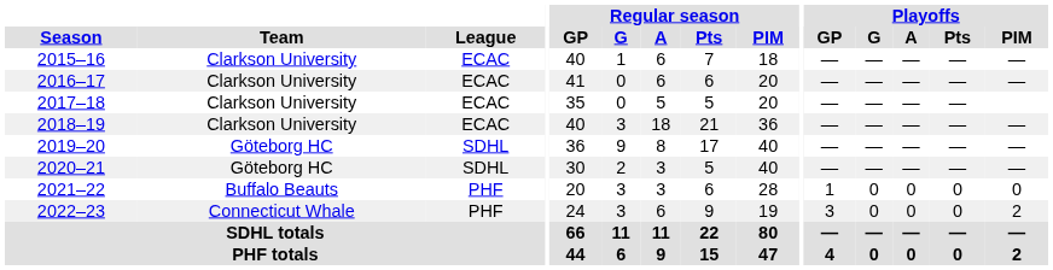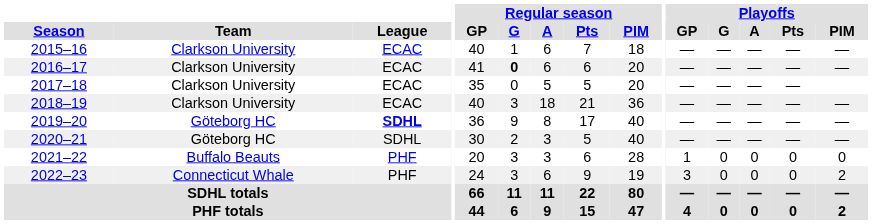 <table border="0" cellpadding="1" cellspacing="0" style="text-align:center; width:60em">
 <tr bgcolor="#e0e0e0">
 <th colspan="3" bgcolor="#ffffff"></th>
 <th rowspan="97" bgcolor="#ffffff"></th>
 <th colspan="5"><a href='#'>Regular season</a></th>
 <th rowspan="97" bgcolor="#ffffff"></th>
 <th colspan="5"><a href='#'>Playoffs</a></th>
 </tr>
 <tr bgcolor="#e0e0e0">
 <th><a href='#'>Season</a></th>
 <th>Team</th>
 <th>League</th>
 <th>GP</th>
 <th><a href='#'>G</a></th>
 <th><a href='#'>A</a></th>
 <th><a href='#'>Pts</a></th>
 <th><a href='#'>PIM</a></th>
 <th>GP</th>
 <th>G</th>
 <th>A</th>
 <th>Pts</th>
 <th>PIM</th>
 </tr>
 <tr>
 <td><a href='#'>2015–16</a></td>
 <td><a href='#'>Clarkson University</a></td>
 <td><a href='#'>ECAC</a></td>
 <td>40</td>
 <td>1</td>
 <td>6</td>
 <td>7</td>
 <td>18</td>
 <td>—</td>
 <td>—</td>
 <td>—</td>
 <td>—</td>
 <td>—</td>
 </tr>
 <tr bgcolor="#f0f0f0">
 <td><a href='#'>2016–17</a></td>
 <td>Clarkson University</td>
 <td>ECAC</td>
 <td>41</td>
-<td>0</td>
+<td><strong>0</strong></td>
 <td>6</td>
 <td>6</td>
 <td>20</td>
 <td>—</td>
 <td>—</td>
 <td>—</td>
 <td>—</td>
 <td>—</td>
 </tr>
 <tr>
 <td><a href='#'>2017–18</a></td>
 <td>Clarkson University</td>
 <td>ECAC</td>
 <td>35</td>
 <td>0</td>
 <td>5</td>
 <td>5</td>
 <td>20</td>
 <td>—</td>
 <td>—</td>
 <td>—</td>
 <td>—</td>
 </tr>
 <tr bgcolor="#f0f0f0">
 <td><a href='#'>2018–19</a></td>
 <td>Clarkson University</td>
 <td>ECAC</td>
 <td>40</td>
 <td>3</td>
 <td>18</td>
 <td>21</td>
 <td>36</td>
 <td>—</td>
 <td>—</td>
 <td>—</td>
 <td>—</td>
 <td>—</td>
 </tr>
 <tr>
 <td><a href='#'>2019–20</a></td>
 <td><a href='#'>Göteborg HC</a></td>
-<td><a href='#'>SDHL</a></td>
+<td><strong><a href='#'>SDHL</a></strong></td>
 <td>36</td>
 <td>9</td>
 <td>8</td>
 <td>17</td>
 <td>40</td>
 <td>—</td>
 <td>—</td>
 <td>—</td>
 <td>—</td>
 <td>—</td>
 </tr>
 <tr bgcolor="#f0f0f0">
 <td><a href='#'>2020–21</a></td>
 <td>Göteborg HC</td>
 <td>SDHL</td>
 <td>30</td>
 <td>2</td>
 <td>3</td>
 <td>5</td>
 <td>40</td>
 <td>—</td>
 <td>—</td>
 <td>—</td>
 <td>—</td>
 <td>—</td>
 </tr>
 <tr>
 <td><a href='#'>2021–22</a></td>
 <td><a href='#'>Buffalo Beauts</a></td>
 <td><a href='#'>PHF</a></td>
 <td>20</td>
 <td>3</td>
 <td>3</td>
 <td>6</td>
 <td>28</td>
 <td>1</td>
 <td>0</td>
 <td>0</td>
 <td>0</td>
 <td>0</td>
 </tr>
 <tr bgcolor="#f0f0f0">
 <td><a href='#'>2022–23</a></td>
 <td><a href='#'>Connecticut Whale</a></td>
 <td>PHF</td>
 <td>24</td>
 <td>3</td>
 <td>6</td>
 <td>9</td>
 <td>19</td>
 <td>3</td>
 <td>0</td>
 <td>0</td>
 <td>0</td>
 <td>2</td>
 </tr>
 <tr bgcolor="#e0e0e0">
 <th colspan="3">SDHL totals</th>
 <th>66</th>
 <th>11</th>
 <th>11</th>
 <th>22</th>
 <th>80</th>
 <th>—</th>
 <th>—</th>
 <th>—</th>
 <th>—</th>
 <th>—</th>
 </tr>
 <tr bgcolor="#e0e0e0">
 <th colspan="3">PHF totals</th>
 <th>44</th>
 <th>6</th>
 <th>9</th>
 <th>15</th>
 <th>47</th>
 <th>4</th>
 <th>0</th>
 <th>0</th>
 <th>0</th>
 <th>2</th>
 </tr>
 </table>
